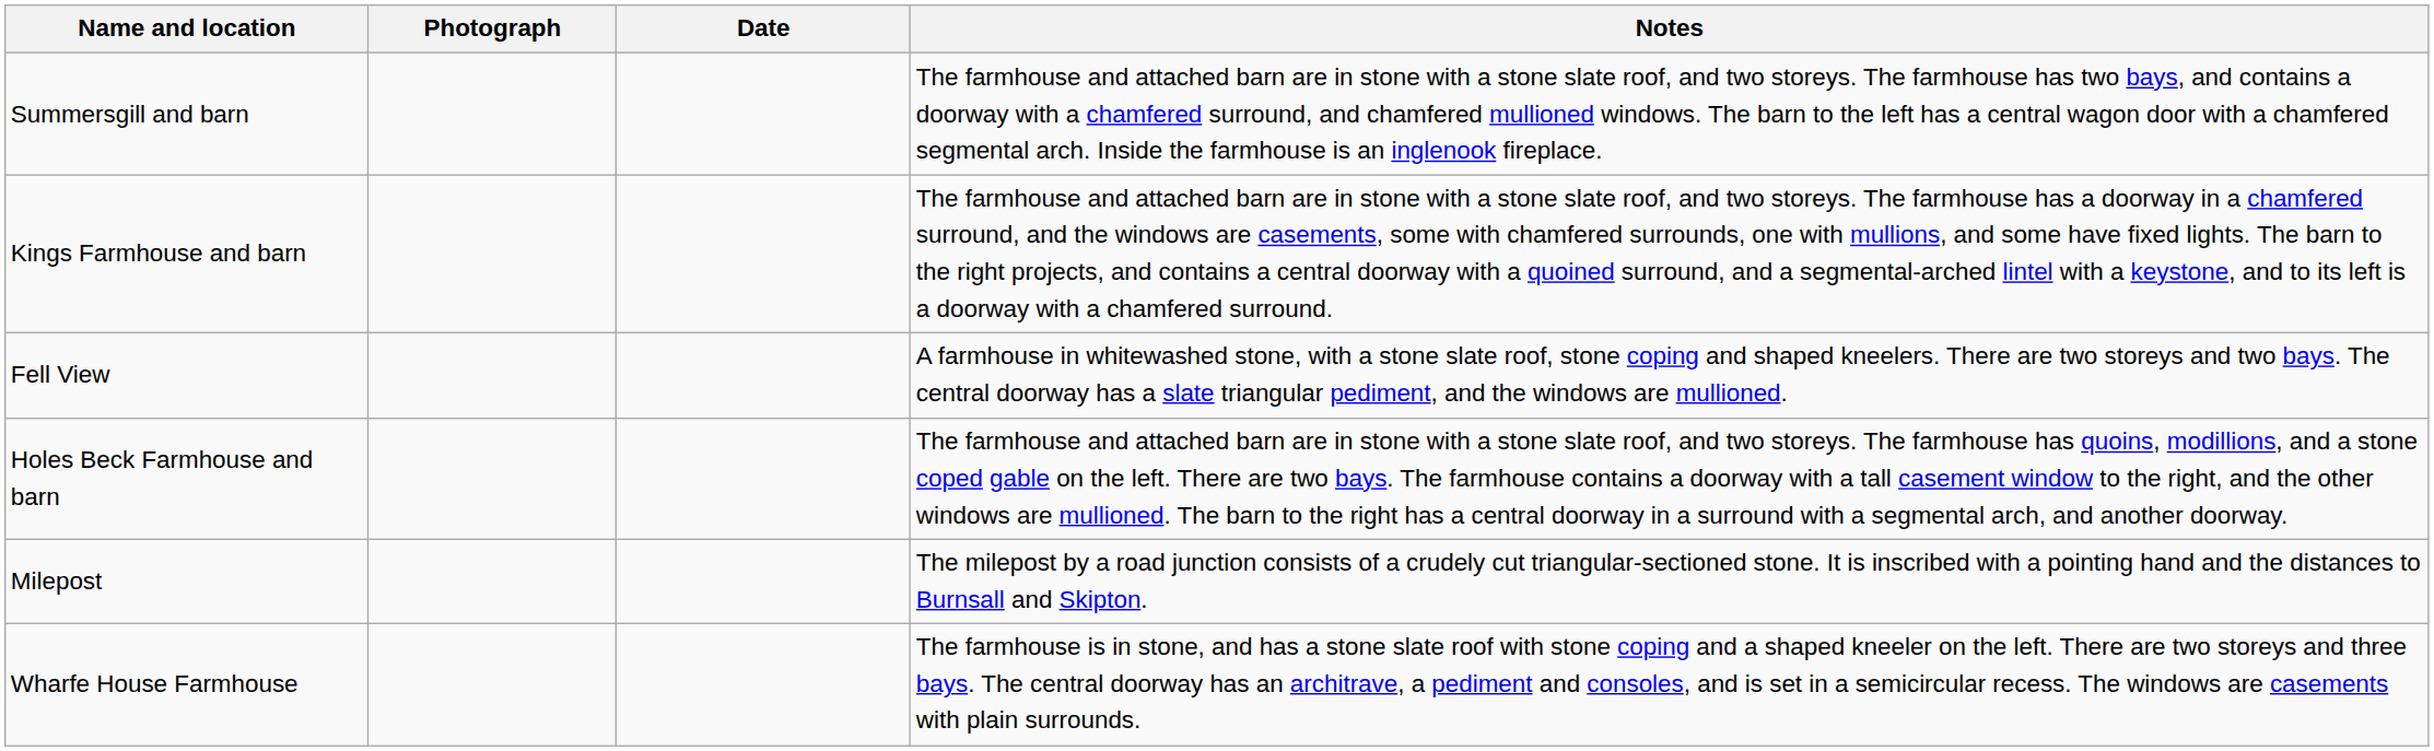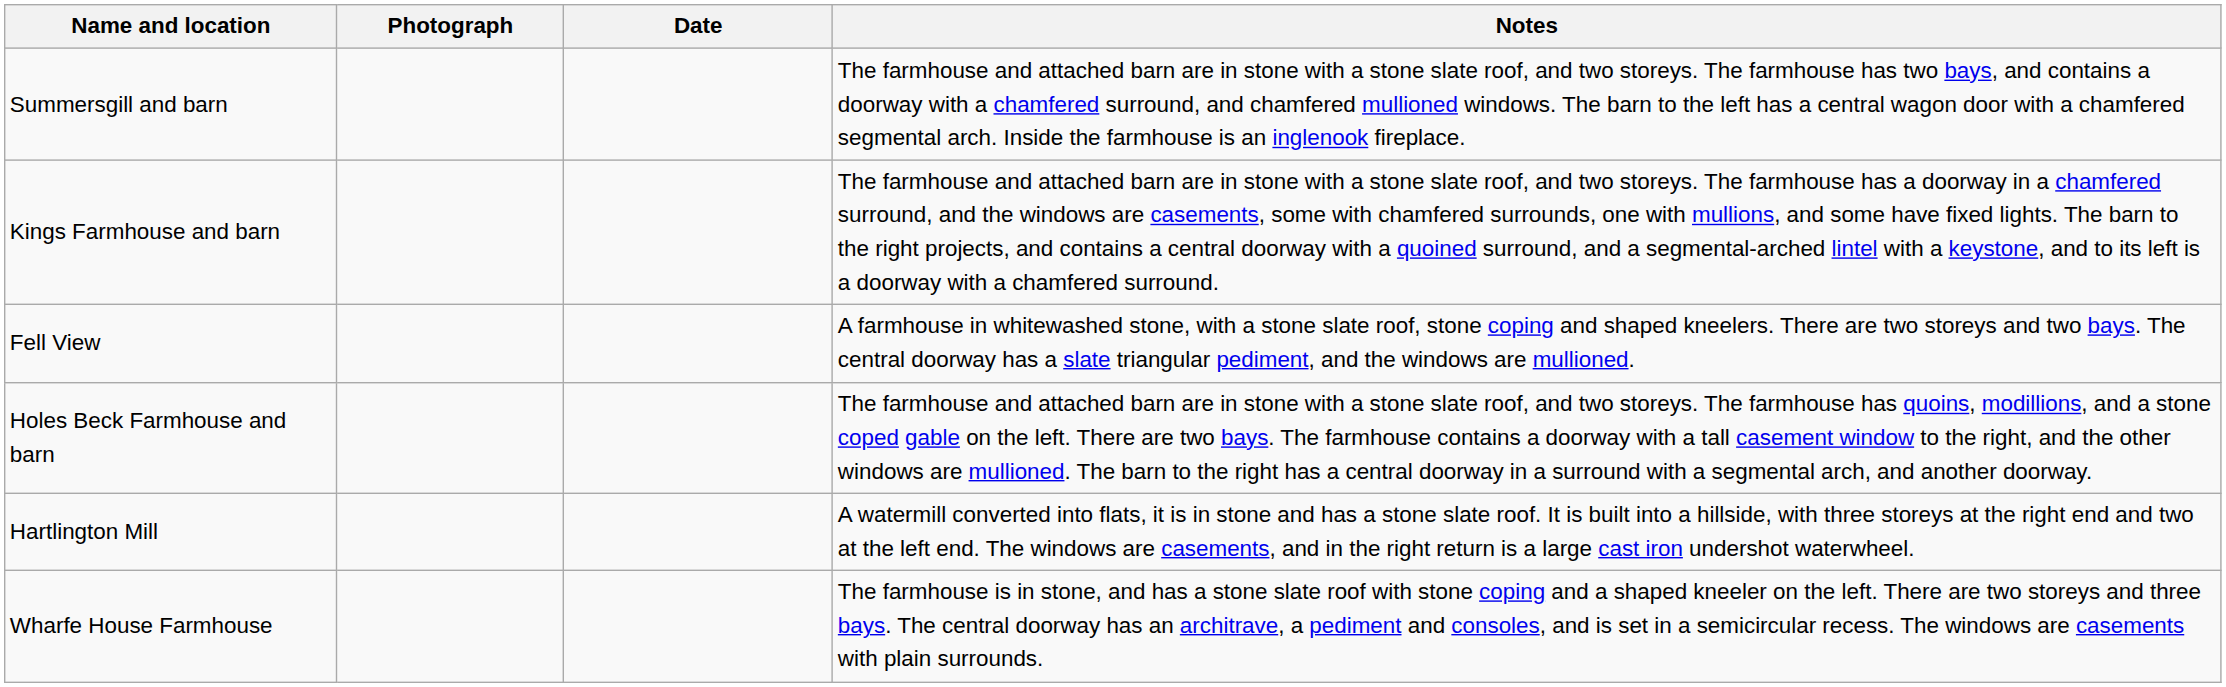 <table class="wikitable sortable plainrowheaders" style="width:100%;border:0px;text-align:left;line-height:150%;">
 <tr>
 <th scope="col"  style="width:150px">Name and location</th>
 <th scope="col"  style="width:100px" class="unsortable">Photograph</th>
 <th scope="col"  style="width:120px">Date</th>
 <th scope="col"  style="width:650px" class="unsortable">Notes</th>
 </tr>
 <tr>
 <td>Summersgill and barn<br><small></small></td>
 <td></td>
 <td align="center"></td>
 <td>The farmhouse and attached barn are in stone with a stone slate roof, and two storeys. The farmhouse has two <a href='#'>bays</a>, and contains a doorway with a <a href='#'>chamfered</a> surround, and chamfered <a href='#'>mullioned</a> windows. The barn to the left has a central wagon door with a chamfered segmental arch. Inside the farmhouse is an <a href='#'>inglenook</a> fireplace.</td>
 </tr>
 <tr>
 <td>Kings Farmhouse and barn<br><small></small></td>
 <td></td>
 <td align="center"></td>
 <td>The farmhouse and attached barn are in stone with a stone slate roof, and two storeys. The farmhouse has a doorway in a <a href='#'>chamfered</a> surround, and the windows are <a href='#'>casements</a>, some with chamfered surrounds, one with <a href='#'>mullions</a>, and some have fixed lights. The barn to the right projects, and contains a central doorway with a <a href='#'>quoined</a> surround, and a segmental-arched <a href='#'>lintel</a> with a <a href='#'>keystone</a>, and to its left is a doorway with a chamfered surround.</td>
 </tr>
 <tr>
 <td>Fell View<br><small></small></td>
 <td></td>
 <td align="center"></td>
 <td>A farmhouse in whitewashed stone, with a stone slate roof, stone <a href='#'>coping</a> and shaped kneelers. There are two storeys and two <a href='#'>bays</a>. The central doorway has a <a href='#'>slate</a> triangular <a href='#'>pediment</a>, and the windows are <a href='#'>mullioned</a>.</td>
 </tr>
 <tr>
 <td>Holes Beck Farmhouse and barn<br><small></small></td>
 <td></td>
 <td align="center"></td>
 <td>The farmhouse and attached barn are in stone with a stone slate roof, and two storeys.  The farmhouse has <a href='#'>quoins</a>, <a href='#'>modillions</a>, and a stone <a href='#'>coped</a> <a href='#'>gable</a> on the left. There are two <a href='#'>bays</a>. The farmhouse contains a doorway with a tall <a href='#'>casement window</a> to the right, and the other windows are <a href='#'>mullioned</a>. The barn to the right has a central doorway in a surround with a segmental arch, and another doorway.</td>
 </tr>
 <tr>
-<td>Milepost<br><small></small></td>
+<td>Hartlington Mill<br><small></small></td>
 <td></td>
 <td align="center"></td>
-<td>The milepost by a road junction consists of a crudely cut triangular-sectioned stone.  It is inscribed with a pointing hand and the distances to <a href='#'>Burnsall</a> and <a href='#'>Skipton</a>.</td>
+<td>A watermill converted into flats, it is in stone and has a stone slate roof. It is built into a hillside, with three storeys at the right end and two at the left end. The windows are <a href='#'>casements</a>, and in the right return is a large <a href='#'>cast iron</a> undershot waterwheel.</td>
 </tr>
 <tr>
 <td>Wharfe House Farmhouse<br><small></small></td>
 <td></td>
 <td align="center"></td>
 <td>The farmhouse is in stone, and has a stone slate roof with stone <a href='#'>coping</a> and a shaped kneeler on the left. There are two storeys and three <a href='#'>bays</a>. The central doorway has an <a href='#'>architrave</a>, a <a href='#'>pediment</a> and <a href='#'>consoles</a>, and is set in a semicircular recess. The windows are <a href='#'>casements</a> with plain surrounds.</td>
 </tr>
 <tr>
 </tr>
 </table>
